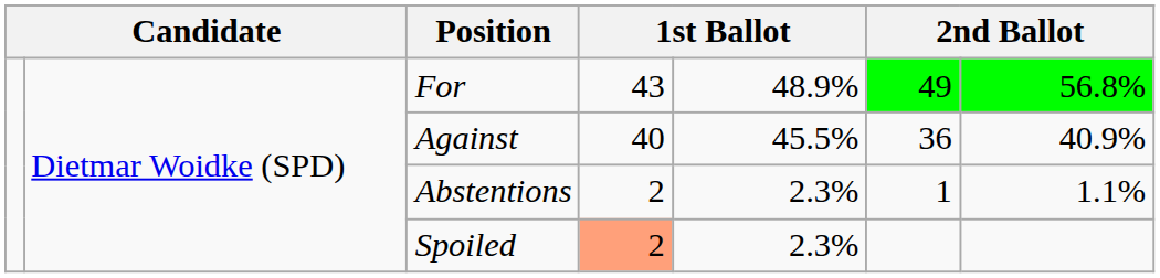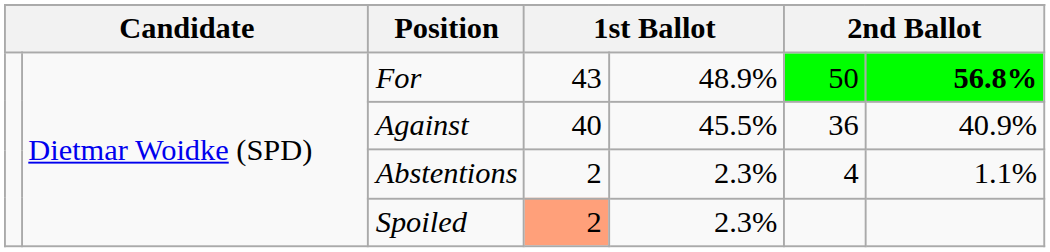 <table class="wikitable">
 <tr>
 </tr>
 <tr>
 <th colspan="2" width=35%>Candidate</th>
 <th width=15%>Position</th>
 <th colspan="2" width=25%>1st Ballot</th>
 <th colspan="2" width=25%>2nd Ballot</th>
 </tr>
 <tr>
 <td rowspan="4" style="background:"></td>
 <td rowspan="4"><a href='#'>Dietmar Woidke</a> (SPD)</td>
 <td><em>For</em></td>
 <td style="text-align:right">43</td>
 <td style="text-align:right">48.9%</td>
-<td style="text-align:right" bgcolor=#00FF00>49</td>
-<td style="text-align:right" bgcolor=#00FF00>56.8%</td>
+<td style="text-align:right" bgcolor=#00FF00>50</td>
+<td style="text-align:right" bgcolor=#00FF00><strong>56.8%</strong></td>
 </tr>
 <tr>
 <td><em>Against</em></td>
 <td style="text-align:right">40</td>
 <td style="text-align:right">45.5%</td>
 <td style="text-align:right">36</td>
 <td style="text-align:right">40.9%</td>
 </tr>
 <tr>
 <td><em>Abstentions</em></td>
 <td style="text-align:right">2</td>
 <td style="text-align:right">2.3%</td>
-<td style="text-align:right">1</td>
+<td style="text-align:right">4</td>
 <td style="text-align:right">1.1%</td>
 </tr>
 <tr>
 <td><em>Spoiled</em></td>
 <td style="background: lightsalmon; text-align:right">2</td>
 <td style="text-align:right">2.3%</td>
 <td style="text-align:right"></td>
 <td style="text-align:right"></td>
 </tr>
 </table>
